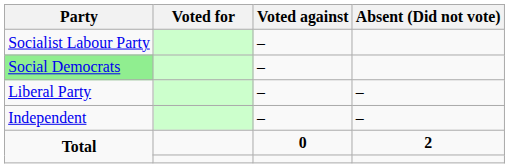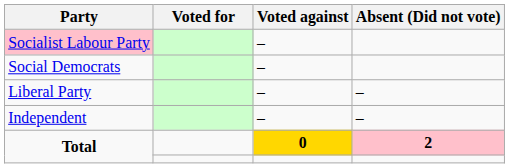 <table class="wikitable">
 <tr>
 <th>Party</th>
 <th style="width:20%;">Voted for</th>
 <th>Voted against</th>
 <th>Absent (Did not vote)</th>
 </tr>
 <tr>
-<td> <a href='#'>Socialist Labour Party</a></td>
+<td style="background: pink;"> <a href='#'>Socialist Labour Party</a></td>
 <td style="background-color:#CCFFCC;"></td>
 <td>–</td>
 <td></td>
 </tr>
 <tr>
-<td style="background: lightgreen;"> <a href='#'>Social Democrats</a></td>
+<td> <a href='#'>Social Democrats</a></td>
 <td style="background-color:#CCFFCC;"></td>
 <td>–</td>
 <td></td>
 </tr>
 <tr>
 <td> <a href='#'>Liberal Party</a></td>
 <td style="background-color:#CCFFCC;"></td>
 <td>–</td>
 <td>–</td>
 </tr>
 <tr>
 <td> <a href='#'>Independent</a></td>
 <td style="background-color:#CCFFCC;"></td>
 <td>–</td>
 <td>–</td>
 </tr>
 <tr>
 <td style="text-align:center;" rowspan="2"><strong>Total</strong></td>
 <td></td>
-<td style="text-align:center;"><strong>0</strong></td>
-<td style="text-align:center;"><strong>2</strong></td>
+<td style="background: gold; text-align:center;"><strong>0</strong></td>
+<td style="background: pink; text-align:center;"><strong>2</strong></td>
 </tr>
 <tr>
 <td style="text-align:center;"></td>
 <td style="text-align:center;"></td>
 <td style="text-align:center;"></td>
 </tr>
 </table>
